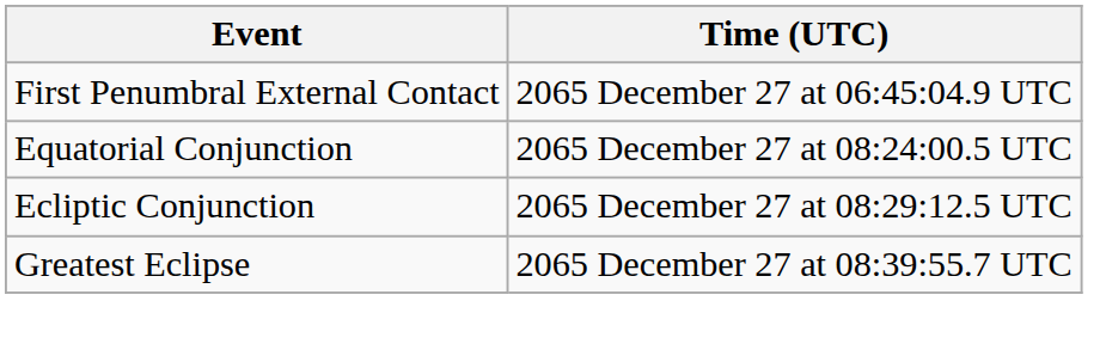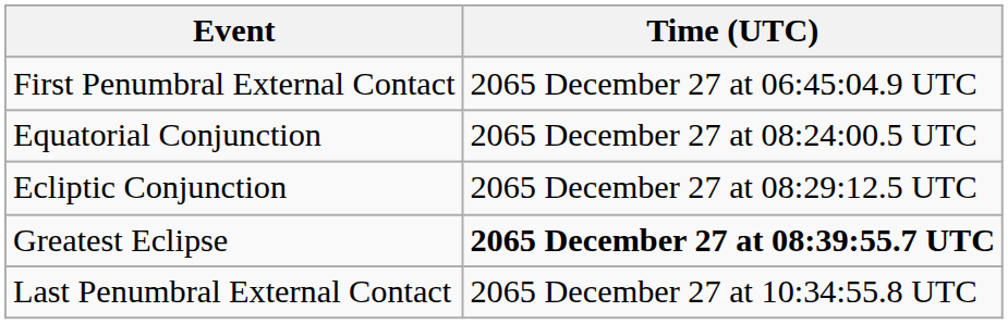 <table class="wikitable">
 <tr>
 <th>Event</th>
 <th>Time (UTC)</th>
 </tr>
 <tr>
 <td>First Penumbral External Contact</td>
 <td>2065 December 27 at 06:45:04.9 UTC</td>
 </tr>
 <tr>
 <td>Equatorial Conjunction</td>
 <td>2065 December 27 at 08:24:00.5 UTC</td>
 </tr>
 <tr>
 <td>Ecliptic Conjunction</td>
 <td>2065 December 27 at 08:29:12.5 UTC</td>
 </tr>
 <tr>
 <td>Greatest Eclipse</td>
-<td>2065 December 27 at 08:39:55.7 UTC</td>
+<td><strong>2065 December 27 at 08:39:55.7 UTC</strong></td>
+</tr>
+<tr>
+<td>Last Penumbral External Contact</td>
+<td>2065 December 27 at 10:34:55.8 UTC</td>
 </tr>
 </table>
